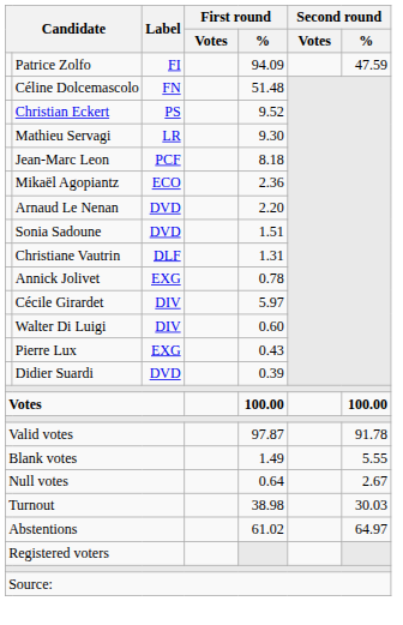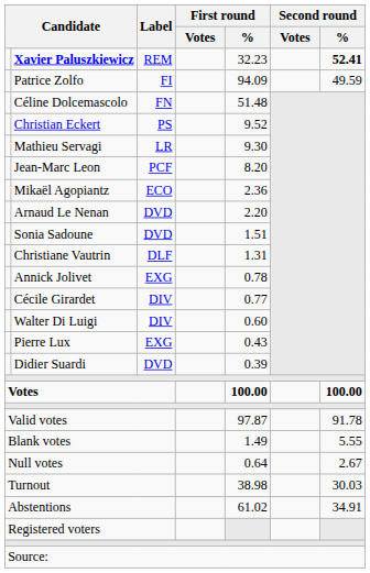 <table class="wikitable" style="text-align:right;font-size:95%;">
 <tr>
 <th rowspan="2" colspan="2">Candidate</th>
 <th rowspan="2">Label</th>
 <th colspan="2">First round</th>
 <th colspan="2">Second round</th>
 </tr>
 <tr>
 <th style="width:50px;">Votes</th>
 <th style="width:45px;">%</th>
 <th style="width:50px;">Votes</th>
 <th style="width:45px;">%</th>
 </tr>
 <tr>
 <td style="color:inherit;background:"></td>
+<td style="text-align:left;"><strong><a href='#'>Xavier Paluszkiewicz</a></strong></td>
+<td><a href='#'>REM</a></td>
+<td></td>
+<td>32.23</td>
+<td><strong></strong></td>
+<td><strong>52.41</strong></td>
+</tr>
+<tr>
+<td style="color:inherit;background:"></td>
 <td style="text-align:left;">Patrice Zolfo</td>
 <td><a href='#'>FI</a></td>
 <td></td>
 <td>94.09</td>
 <td></td>
-<td>47.59</td>
+<td>49.59</td>
 </tr>
 <tr>
 <td style="color:inherit;background:"></td>
 <td style="text-align:left;">Céline Dolcemascolo</td>
 <td><a href='#'>FN</a></td>
 <td></td>
 <td>51.48</td>
 <td colspan="2" rowspan="13" style="background:#E9E9E9;"></td>
 </tr>
 <tr>
 <td style="color:inherit;background:"></td>
 <td style="text-align:left;"><a href='#'>Christian Eckert</a></td>
 <td><a href='#'>PS</a></td>
 <td></td>
 <td>9.52</td>
 </tr>
 <tr>
 <td style="color:inherit;background:"></td>
 <td style="text-align:left;">Mathieu Servagi</td>
 <td><a href='#'>LR</a></td>
 <td></td>
 <td>9.30</td>
 </tr>
 <tr>
 <td style="color:inherit;background:"></td>
 <td style="text-align:left;">Jean-Marc Leon</td>
 <td><a href='#'>PCF</a></td>
 <td></td>
-<td>8.18</td>
+<td>8.20</td>
 </tr>
 <tr>
 <td style="color:inherit;background:"></td>
 <td style="text-align:left;">Mikaël Agopiantz</td>
 <td><a href='#'>ECO</a></td>
 <td></td>
 <td>2.36</td>
 </tr>
 <tr>
 <td style="color:inherit;background:"></td>
 <td style="text-align:left;">Arnaud Le Nenan</td>
 <td><a href='#'>DVD</a></td>
 <td></td>
 <td>2.20</td>
 </tr>
 <tr>
 <td style="color:inherit;background:"></td>
 <td style="text-align:left;">Sonia Sadoune</td>
 <td><a href='#'>DVD</a></td>
 <td></td>
 <td>1.51</td>
 </tr>
 <tr>
 <td style="color:inherit;background:"></td>
 <td style="text-align:left;">Christiane Vautrin</td>
 <td><a href='#'>DLF</a></td>
 <td></td>
 <td>1.31</td>
 </tr>
 <tr>
 <td style="color:inherit;background:"></td>
 <td style="text-align:left;">Annick Jolivet</td>
 <td><a href='#'>EXG</a></td>
 <td></td>
 <td>0.78</td>
 </tr>
 <tr>
 <td style="color:inherit;background:"></td>
 <td style="text-align:left;">Cécile Girardet</td>
 <td><a href='#'>DIV</a></td>
 <td></td>
-<td>5.97</td>
+<td>0.77</td>
 </tr>
 <tr>
 <td style="color:inherit;background:"></td>
 <td style="text-align:left;">Walter Di Luigi</td>
 <td><a href='#'>DIV</a></td>
 <td></td>
 <td>0.60</td>
 </tr>
 <tr>
 <td style="color:inherit;background:"></td>
 <td style="text-align:left;">Pierre Lux</td>
 <td><a href='#'>EXG</a></td>
 <td></td>
 <td>0.43</td>
 </tr>
 <tr>
 <td style="color:inherit;background:"></td>
 <td style="text-align:left;">Didier Suardi</td>
 <td><a href='#'>DVD</a></td>
 <td></td>
 <td>0.39</td>
 </tr>
 <tr>
 <td colspan="7" style="background:#E9E9E9;"></td>
 </tr>
 <tr style="font-weight:bold;">
 <td colspan="3" style="text-align:left;">Votes</td>
 <td></td>
 <td>100.00</td>
 <td></td>
 <td>100.00</td>
 </tr>
 <tr>
 <td colspan="7" style="background:#E9E9E9;"></td>
 </tr>
 <tr>
 <td colspan="3" style="text-align:left;">Valid votes</td>
 <td></td>
 <td>97.87</td>
 <td></td>
 <td>91.78</td>
 </tr>
 <tr>
 <td colspan="3" style="text-align:left;">Blank votes</td>
 <td></td>
 <td>1.49</td>
 <td></td>
 <td>5.55</td>
 </tr>
 <tr>
 <td colspan="3" style="text-align:left;">Null votes</td>
 <td></td>
 <td>0.64</td>
 <td></td>
 <td>2.67</td>
 </tr>
 <tr>
 <td colspan="3" style="text-align:left;">Turnout</td>
 <td></td>
 <td>38.98</td>
 <td></td>
 <td>30.03</td>
 </tr>
 <tr>
 <td colspan="3" style="text-align:left;">Abstentions</td>
 <td></td>
 <td>61.02</td>
 <td></td>
-<td>64.97</td>
+<td>34.91</td>
 </tr>
 <tr>
 <td colspan="3" style="text-align:left;">Registered voters</td>
 <td></td>
 <td style="background:#E9E9E9;"></td>
 <td></td>
 <td style="background:#E9E9E9;"></td>
 </tr>
 <tr>
 <td colspan="7" style="background:#E9E9E9;"></td>
 </tr>
 <tr>
 <td colspan="7" style="text-align:left;">Source: </td>
 </tr>
 </table>
